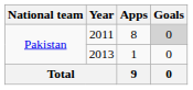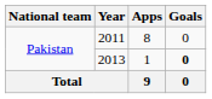 <table class=wikitable style="text-align: center;">
 <tr>
 <th>National team</th>
 <th>Year</th>
 <th>Apps</th>
 <th>Goals</th>
 </tr>
 <tr>
 <td rowspan="2"><a href='#'>Pakistan</a></td>
 <td>2011</td>
 <td>8</td>
-<td style="background: lightgrey;">0</td>
+<td>0</td>
 </tr>
 <tr>
 <td>2013</td>
 <td>1</td>
-<td>0</td>
+<td><strong>0</strong></td>
 </tr>
 <tr>
 <th colspan="2">Total</th>
 <th>9</th>
 <th>0</th>
 </tr>
 </table>
